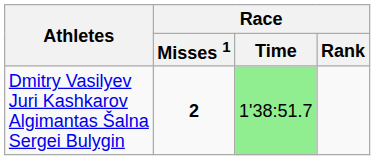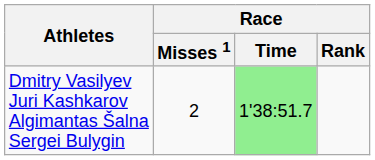 <table class="wikitable" border="1" style="font-size:90%">
 <tr>
 <th rowspan=2>Athletes</th>
 <th colspan=3>Race</th>
 </tr>
 <tr>
 <th>Misses <sup>1</sup></th>
 <th>Time</th>
 <th>Rank</th>
 </tr>
 <tr>
 <td><a href='#'>Dmitry Vasilyev</a><br><a href='#'>Juri Kashkarov</a><br><a href='#'>Algimantas Šalna</a><br><a href='#'>Sergei Bulygin</a></td>
-<td align=center><strong>2</strong></td>
+<td align=center>2</td>
 <td align=center style="background: lightgreen;">1'38:51.7</td>
 <td align=center></td>
 </tr>
 </table>
